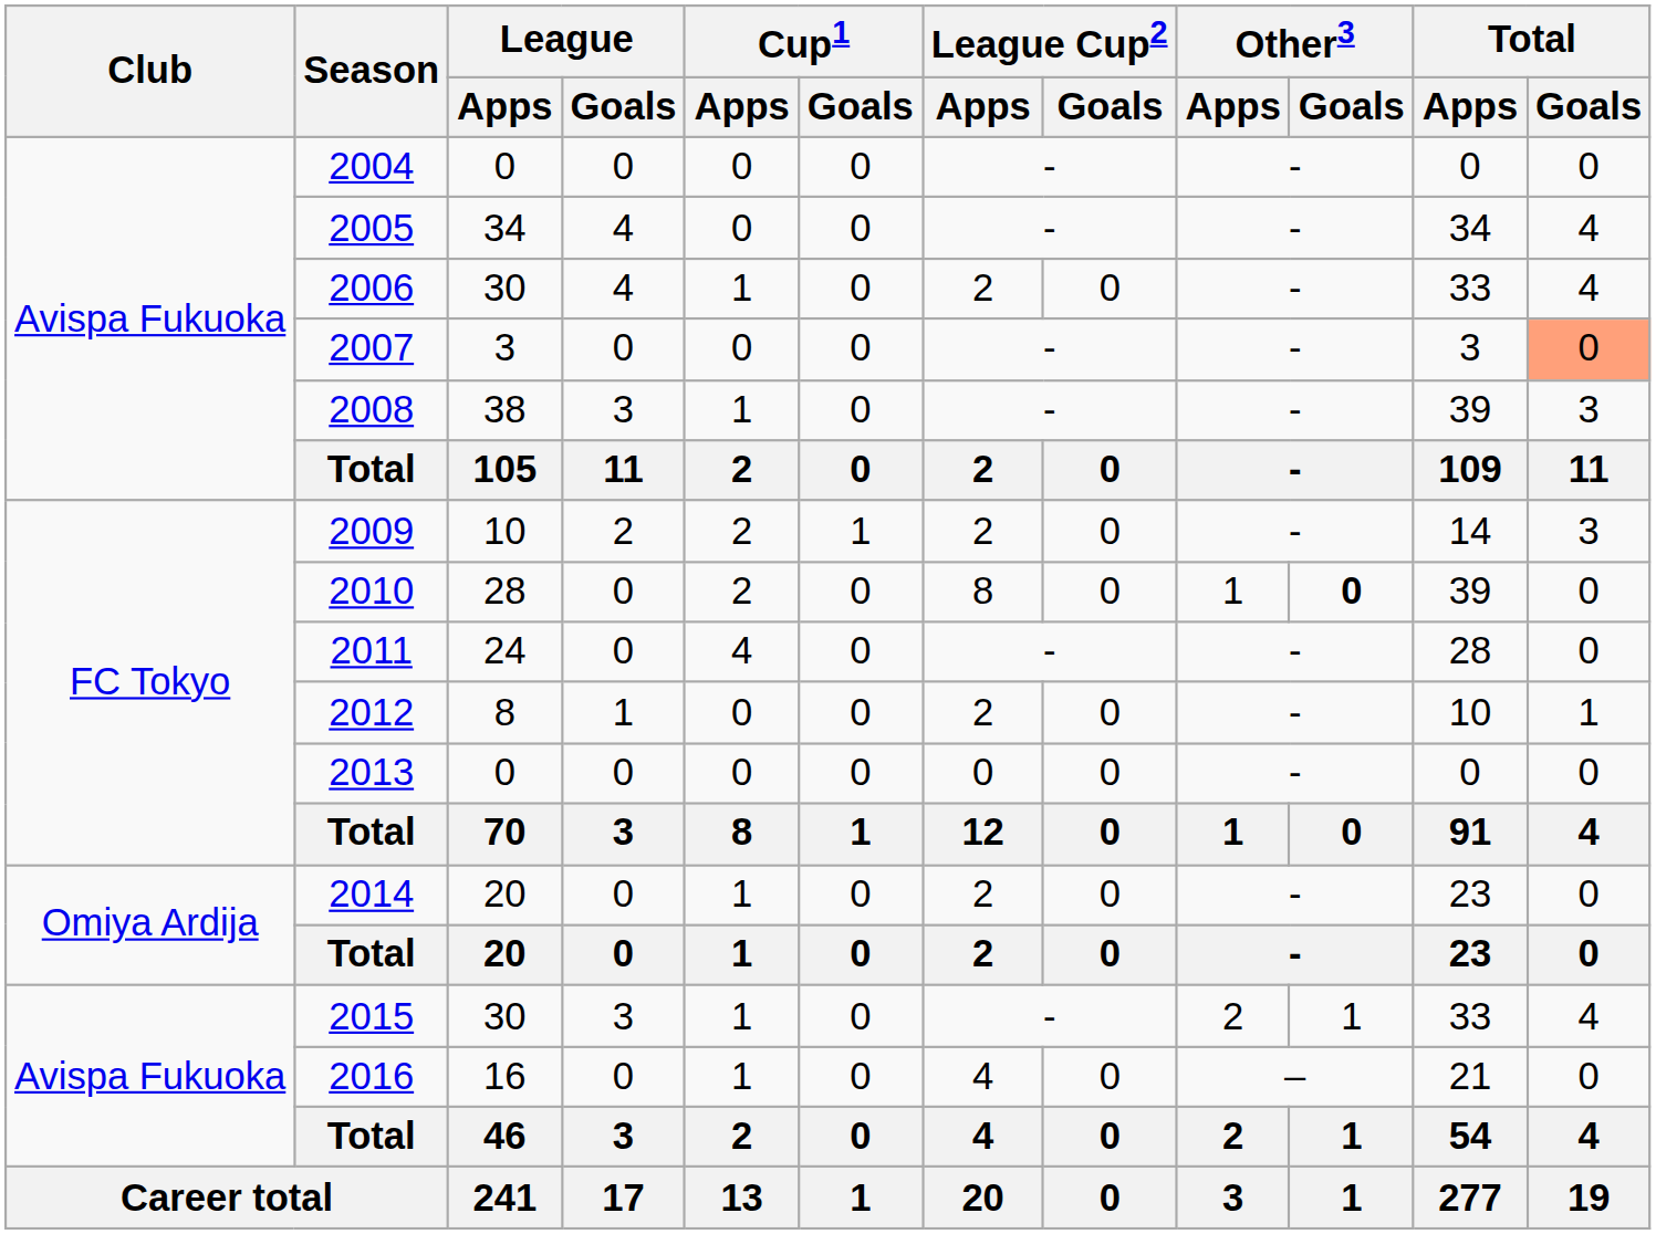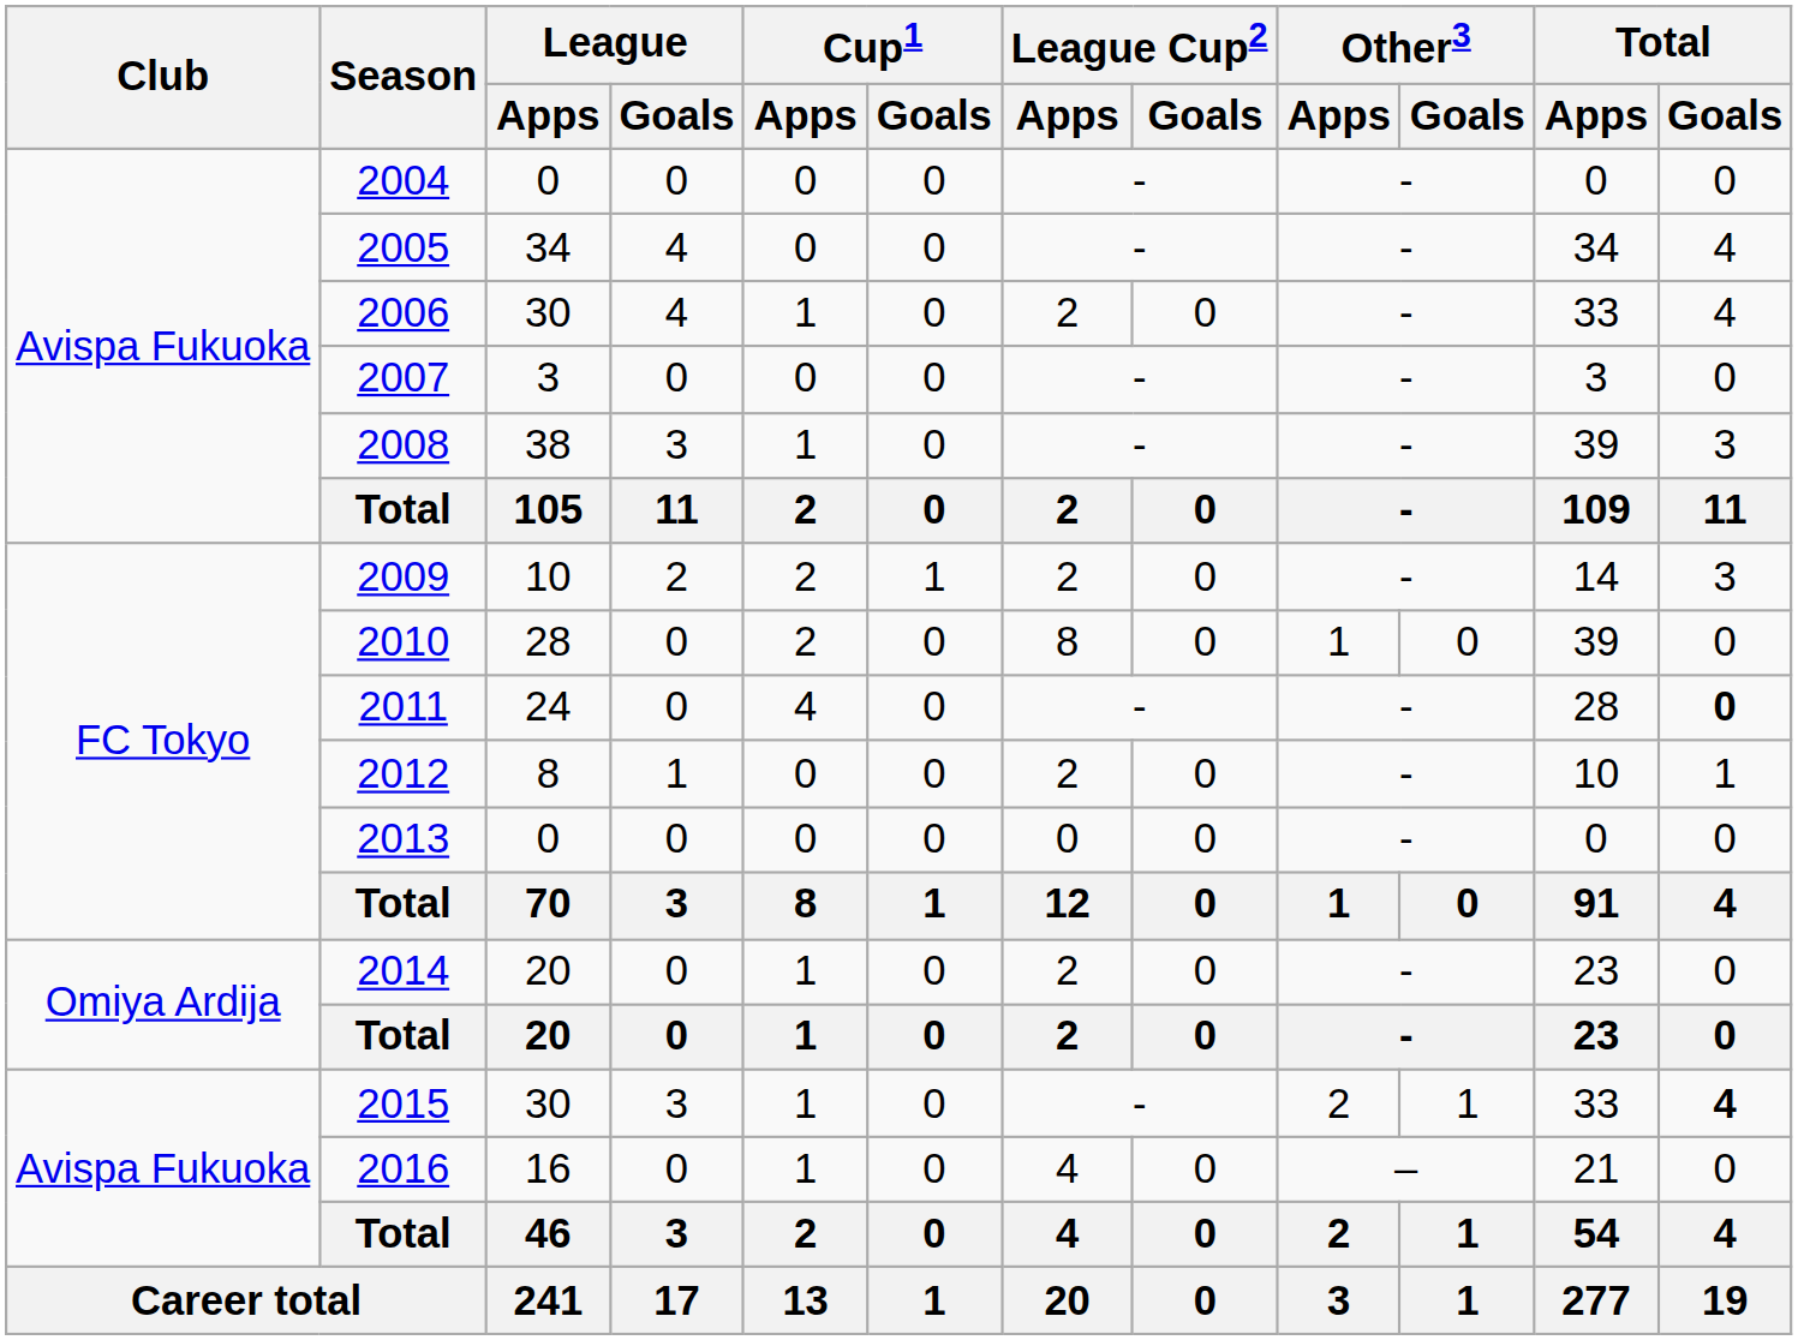 <table class="wikitable" style="text-align:center;">
 <tr>
 <th rowspan="2">Club</th>
 <th rowspan="2">Season</th>
 <th colspan="2">League</th>
 <th colspan="2">Cup<sup><a href='#'>1</a></sup></th>
 <th colspan="2">League Cup<sup><a href='#'>2</a></sup></th>
 <th colspan="2">Other<sup><a href='#'>3</a></sup></th>
 <th colspan="2">Total</th>
 </tr>
 <tr>
 <th>Apps</th>
 <th>Goals</th>
 <th>Apps</th>
 <th>Goals</th>
 <th>Apps</th>
 <th>Goals</th>
 <th>Apps</th>
 <th>Goals</th>
 <th>Apps</th>
 <th>Goals</th>
 </tr>
 <tr>
 <td rowspan="6"><a href='#'>Avispa Fukuoka</a></td>
 <td><a href='#'>2004</a></td>
 <td>0</td>
 <td>0</td>
 <td>0</td>
 <td>0</td>
 <td colspan="2">-</td>
 <td colspan="2">-</td>
 <td>0</td>
 <td>0</td>
 </tr>
 <tr>
 <td><a href='#'>2005</a></td>
 <td>34</td>
 <td>4</td>
 <td>0</td>
 <td>0</td>
 <td colspan="2">-</td>
 <td colspan="2">-</td>
 <td>34</td>
 <td>4</td>
 </tr>
 <tr>
 <td><a href='#'>2006</a></td>
 <td>30</td>
 <td>4</td>
 <td>1</td>
 <td>0</td>
 <td>2</td>
 <td>0</td>
 <td colspan="2">-</td>
 <td>33</td>
 <td>4</td>
 </tr>
 <tr>
 <td><a href='#'>2007</a></td>
 <td>3</td>
 <td>0</td>
 <td>0</td>
 <td>0</td>
 <td colspan="2">-</td>
 <td colspan="2">-</td>
 <td>3</td>
-<td style="background: lightsalmon;">0</td>
+<td>0</td>
 </tr>
 <tr>
 <td><a href='#'>2008</a></td>
 <td>38</td>
 <td>3</td>
 <td>1</td>
 <td>0</td>
 <td colspan="2">-</td>
 <td colspan="2">-</td>
 <td>39</td>
 <td>3</td>
 </tr>
 <tr>
 <th colspan="1">Total</th>
 <th>105</th>
 <th>11</th>
 <th>2</th>
 <th>0</th>
 <th>2</th>
 <th>0</th>
 <th colspan="2">-</th>
 <th>109</th>
 <th>11</th>
 </tr>
 <tr>
 <td rowspan="6"><a href='#'>FC Tokyo</a></td>
 <td><a href='#'>2009</a></td>
 <td>10</td>
 <td>2</td>
 <td>2</td>
 <td>1</td>
 <td>2</td>
 <td>0</td>
 <td colspan="2">-</td>
 <td>14</td>
 <td>3</td>
 </tr>
 <tr>
 <td><a href='#'>2010</a></td>
 <td>28</td>
 <td>0</td>
 <td>2</td>
 <td>0</td>
 <td>8</td>
 <td>0</td>
 <td>1</td>
-<td><strong>0</strong></td>
+<td>0</td>
 <td>39</td>
 <td>0</td>
 </tr>
 <tr>
 <td><a href='#'>2011</a></td>
 <td>24</td>
 <td>0</td>
 <td>4</td>
 <td>0</td>
 <td colspan="2">-</td>
 <td colspan="2">-</td>
 <td>28</td>
-<td>0</td>
+<td><strong>0</strong></td>
 </tr>
 <tr>
 <td><a href='#'>2012</a></td>
 <td>8</td>
 <td>1</td>
 <td>0</td>
 <td>0</td>
 <td>2</td>
 <td>0</td>
 <td colspan="2">-</td>
 <td>10</td>
 <td>1</td>
 </tr>
 <tr>
 <td><a href='#'>2013</a></td>
 <td>0</td>
 <td>0</td>
 <td>0</td>
 <td>0</td>
 <td>0</td>
 <td>0</td>
 <td colspan="2">-</td>
 <td>0</td>
 <td>0</td>
 </tr>
 <tr>
 <th colspan="1">Total</th>
 <th>70</th>
 <th>3</th>
 <th>8</th>
 <th>1</th>
 <th>12</th>
 <th>0</th>
 <th>1</th>
 <th>0</th>
 <th>91</th>
 <th>4</th>
 </tr>
 <tr>
 <td rowspan="2"><a href='#'>Omiya Ardija</a></td>
 <td><a href='#'>2014</a></td>
 <td>20</td>
 <td>0</td>
 <td>1</td>
 <td>0</td>
 <td>2</td>
 <td>0</td>
 <td colspan="2">-</td>
 <td>23</td>
 <td>0</td>
 </tr>
 <tr>
 <th colspan="1">Total</th>
 <th>20</th>
 <th>0</th>
 <th>1</th>
 <th>0</th>
 <th>2</th>
 <th>0</th>
 <th colspan="2">-</th>
 <th>23</th>
 <th>0</th>
 </tr>
 <tr>
 <td rowspan="3"><a href='#'>Avispa Fukuoka</a></td>
 <td><a href='#'>2015</a></td>
 <td>30</td>
 <td>3</td>
 <td>1</td>
 <td>0</td>
 <td colspan="2">-</td>
 <td>2</td>
 <td>1</td>
 <td>33</td>
-<td>4</td>
+<td><strong>4</strong></td>
 </tr>
 <tr>
 <td><a href='#'>2016</a></td>
 <td>16</td>
 <td>0</td>
 <td>1</td>
 <td>0</td>
 <td>4</td>
 <td>0</td>
 <td colspan="2">–</td>
 <td>21</td>
 <td>0</td>
 </tr>
 <tr>
 <th colspan="1">Total</th>
 <th>46</th>
 <th>3</th>
 <th>2</th>
 <th>0</th>
 <th>4</th>
 <th>0</th>
 <th>2</th>
 <th>1</th>
 <th>54</th>
 <th>4</th>
 </tr>
 <tr>
 <th colspan="2">Career total</th>
 <th>241</th>
 <th>17</th>
 <th>13</th>
 <th>1</th>
 <th>20</th>
 <th>0</th>
 <th>3</th>
 <th>1</th>
 <th>277</th>
 <th>19</th>
 </tr>
 </table>
